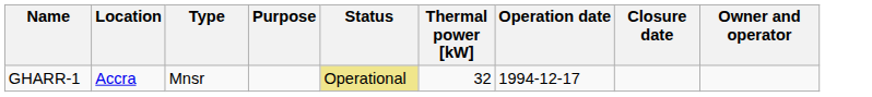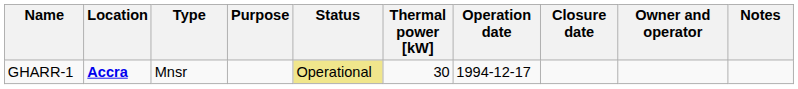 <table class="wikitable" >
 <tr valign="top">
 <th width="80">Name</th>
 <th width="65">Location</th>
 <th width="76">Type</th>
 <th width="65">Purpose</th>
 <th width="91">Status</th>
 <th width="70“">Thermal power [kW]</th>
 <th width=„67“>Operation date</th>
 <th width="78“">Closure date</th>
 <th width="113“">Owner and operator</th>
+<th width="65">Notes</th>
 </tr>
 <tr valign="top">
 <td>GHARR-1</td>
-<td><a href='#'>Accra</a></td>
+<td><strong><a href='#'>Accra</a></strong></td>
 <td>Mnsr</td>
 <td></td>
 <td style="background: khaki;">Operational</td>
-<td align="right">32</td>
+<td align="right">30</td>
 <td>1994-12-17</td>
+<td></td>
 <td></td>
 <td></td>
 </tr>
 </table>
